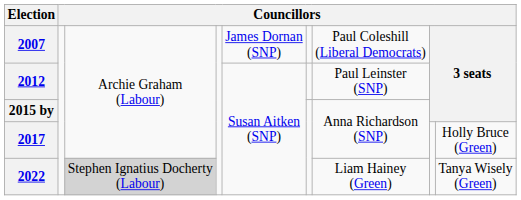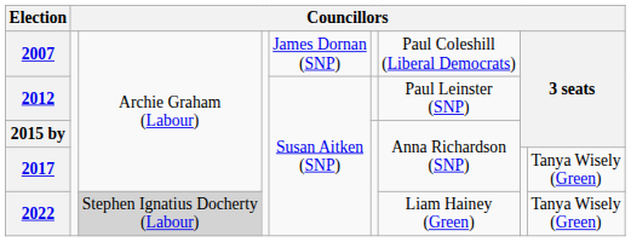 <table class="wikitable" style="text-align:center">
 <tr>
 <th>Election</th>
 <th colspan=8>Councillors</th>
 </tr>
 <tr>
 <th><a href='#'>2007</a></th>
 <td rowspan=5; style="background-color: "></td>
 <td rowspan=4>Archie Graham<br>(<a href='#'>Labour</a>)</td>
 <td rowspan=5; style="background-color: "></td>
 <td rowspan=1><a href='#'>James Dornan</a><br>(<a href='#'>SNP</a>)</td>
 <td rowspan=1; style="background-color: "></td>
 <td rowspan=1>Paul Coleshill<br>(<a href='#'>Liberal Democrats</a>)</td>
 <th colspan=3; rowspan=3>3 seats</th>
 </tr>
 <tr>
 <th><a href='#'>2012</a></th>
 <td rowspan=4><a href='#'>Susan Aitken</a><br>(<a href='#'>SNP</a>)</td>
 <td rowspan=1; style="background-color: "></td>
 <td rowspan=1>Paul Leinster<br>(<a href='#'>SNP</a>)</td>
 </tr>
 <tr>
 <th>2015 by</th>
 <td rowspan=3; style="background-color: "></td>
 <td rowspan=2>Anna Richardson<br>(<a href='#'>SNP</a>)</td>
 </tr>
 <tr>
 <th><a href='#'>2017</a></th>
 <td rowspan=2; style="background-color: "></td>
-<td rowspan=1>Holly Bruce<br>(<a href='#'>Green</a>)</td>
+<td rowspan=1>Tanya Wisely<br>(<a href='#'>Green</a>)</td>
 </tr>
 <tr>
 <th><a href='#'>2022</a></th>
 <td rowspan=1 style="background: lightgrey;">Stephen Ignatius Docherty<br>(<a href='#'>Labour</a>)</td>
 <td rowspan=1>Liam Hainey<br>(<a href='#'>Green</a>)</td>
 <td rowspan=1>Tanya Wisely<br>(<a href='#'>Green</a>)</td>
 </tr>
 </table>
